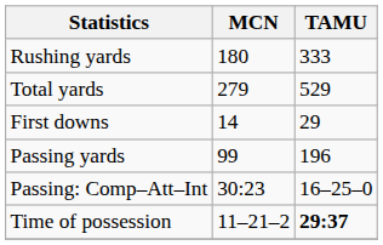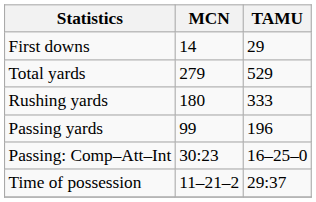 <table class="wikitable" style="float: left;">
 <tr>
 <th>Statistics</th>
 <th>MCN</th>
 <th>TAMU</th>
 </tr>
 <tr>
-<td>Rushing yards</td>
-<td>180</td>
-<td>333</td>
+<td>First downs</td>
+<td>14</td>
+<td>29</td>
 </tr>
 <tr>
 <td>Total yards</td>
 <td>279</td>
 <td>529</td>
 </tr>
 <tr>
-<td>First downs</td>
-<td>14</td>
-<td>29</td>
+<td>Rushing yards</td>
+<td>180</td>
+<td>333</td>
 </tr>
 <tr>
 <td>Passing yards</td>
 <td>99</td>
 <td>196</td>
 </tr>
 <tr>
 <td>Passing: Comp–Att–Int</td>
 <td>30:23</td>
 <td>16–25–0</td>
 </tr>
 <tr>
 <td>Time of possession</td>
 <td>11–21–2</td>
-<td><strong>29:37</strong></td>
+<td>29:37</td>
 </tr>
 <tr>
 </tr>
 </table>
